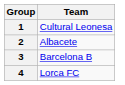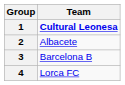 <table class="wikitable">
 <tr>
 <th>Group</th>
 <th>Team</th>
 </tr>
 <tr>
 <th>1</th>
-<td><a href='#'>Cultural Leonesa</a></td>
+<td><strong><a href='#'>Cultural Leonesa</a></strong></td>
 </tr>
 <tr>
 <th>2</th>
 <td><a href='#'>Albacete</a></td>
 </tr>
 <tr>
 <th>3</th>
 <td><a href='#'>Barcelona B</a></td>
 </tr>
 <tr>
 <th>4</th>
 <td><a href='#'>Lorca FC</a></td>
 </tr>
 </table>
